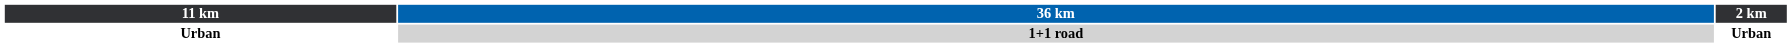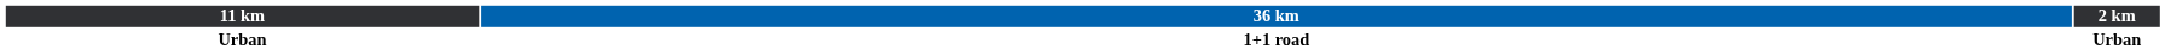 <table style="width:100%; font-weight:bold; text-align:center">
 <tr>
 <td style="background:#303134; width:22%; color:white">11 km</td>
 <td style="background:#0063AF; width:74%; color:white">36 km</td>
 <td style="background:#303134; width:4%; color:white">2 km</td>
 </tr>
 <tr>
 <td>Urban</td>
-<td style="background: lightgrey;">1+1 road</td>
+<td>1+1 road</td>
 <td>Urban</td>
 </tr>
 </table>
